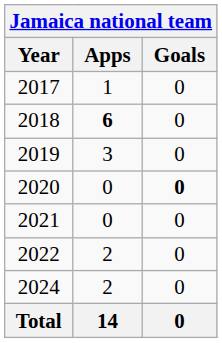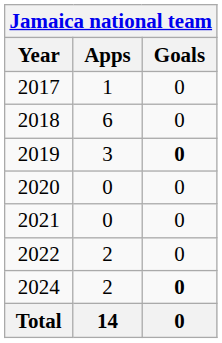 <table class="wikitable" style="text-align:center">
 <tr>
 <th colspan=3><a href='#'>Jamaica national team</a></th>
 </tr>
 <tr>
 <th>Year</th>
 <th>Apps</th>
 <th>Goals</th>
 </tr>
 <tr>
 <td>2017</td>
 <td>1</td>
 <td>0</td>
 </tr>
 <tr>
 <td>2018</td>
-<td><strong>6</strong></td>
+<td>6</td>
 <td>0</td>
 </tr>
 <tr>
 <td>2019</td>
 <td>3</td>
-<td>0</td>
+<td><strong>0</strong></td>
 </tr>
 <tr>
 <td>2020</td>
 <td>0</td>
-<td><strong>0</strong></td>
+<td>0</td>
 </tr>
 <tr>
 <td>2021</td>
 <td>0</td>
 <td>0</td>
 </tr>
 <tr>
 <td>2022</td>
 <td>2</td>
 <td>0</td>
 </tr>
 <tr>
 <td>2024</td>
 <td>2</td>
-<td>0</td>
+<td><strong>0</strong></td>
 </tr>
 <tr>
 <th>Total</th>
 <th>14</th>
 <th>0</th>
 </tr>
 </table>
